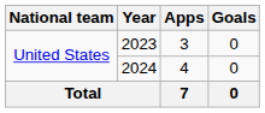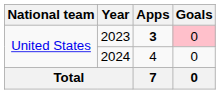 <table class="wikitable" style="text-align:center">
 <tr>
 <th>National team</th>
 <th>Year</th>
 <th>Apps</th>
 <th>Goals</th>
 </tr>
 <tr>
 <td rowspan=2><a href='#'>United States</a></td>
 <td>2023</td>
-<td>3</td>
-<td>0</td>
+<td><strong>3</strong></td>
+<td style="background: pink;">0</td>
 </tr>
 <tr>
 <td>2024</td>
 <td>4</td>
 <td>0</td>
 </tr>
 <tr>
 <th colspan="2">Total</th>
 <th>7</th>
 <th>0</th>
 </tr>
 </table>
